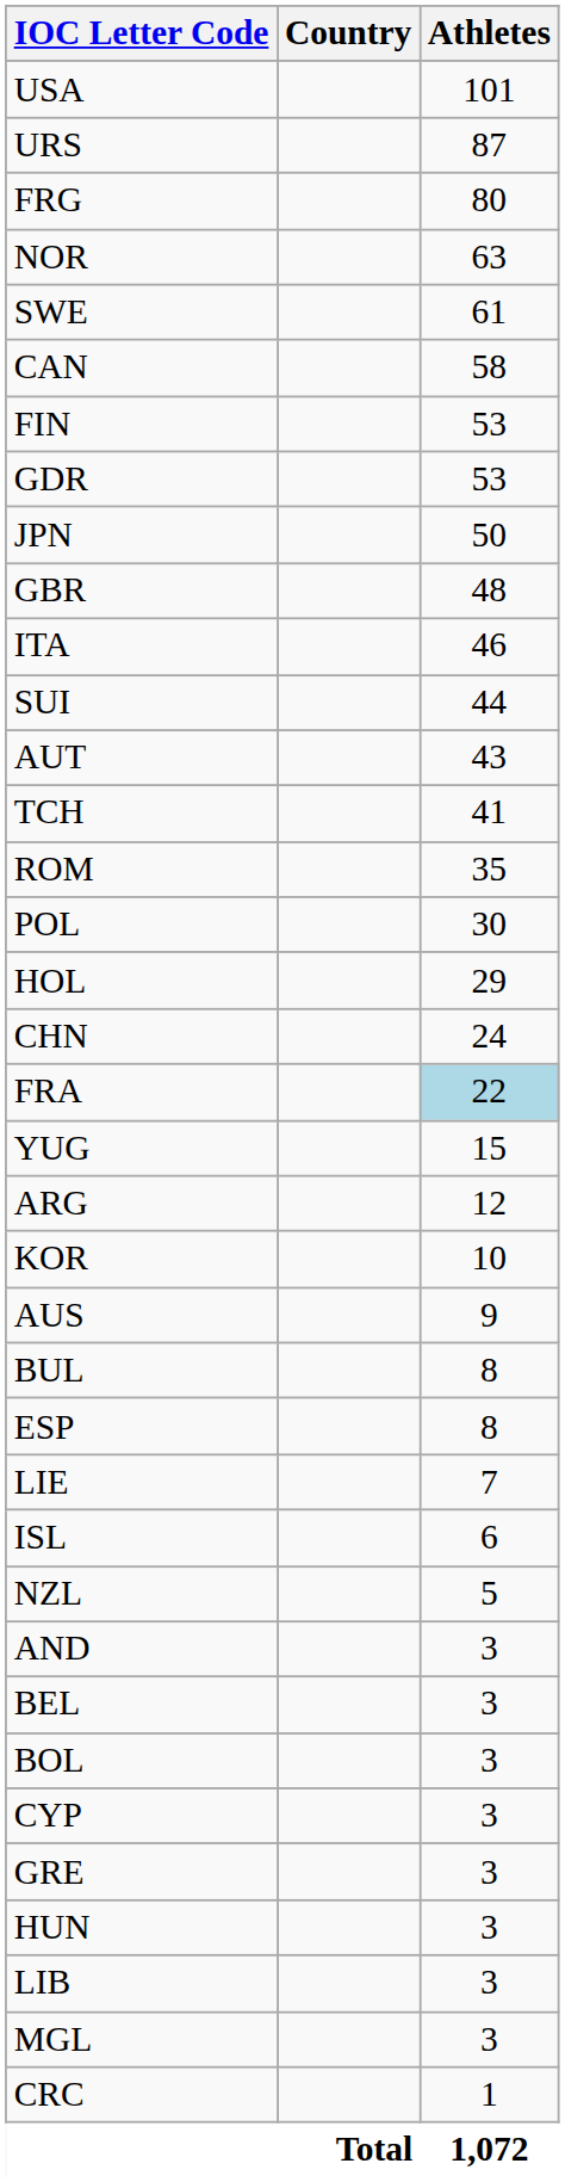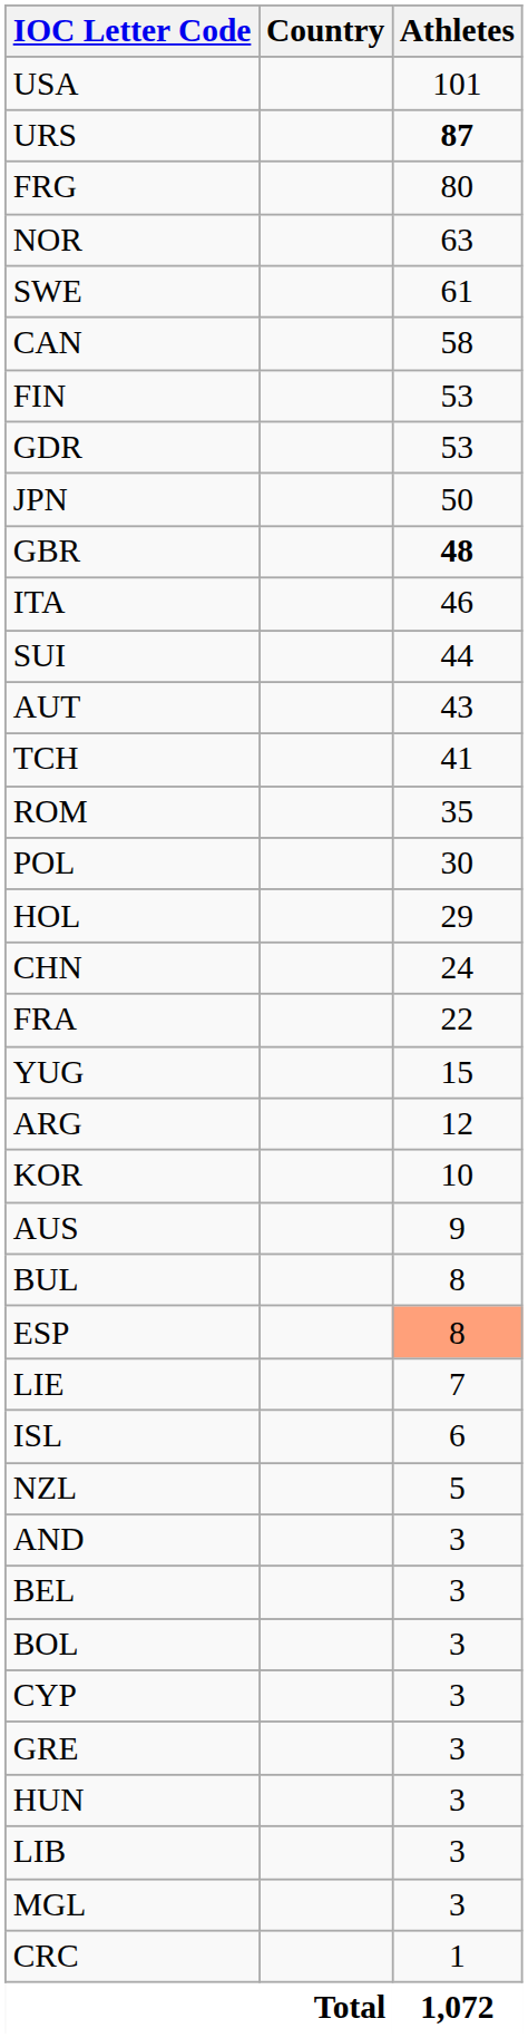 <table class="wikitable collapsible collapsed sortable" style="border:0;">
 <tr>
 <th><a href='#'>IOC Letter Code</a></th>
 <th>Country</th>
 <th>Athletes</th>
 </tr>
 <tr>
 <td>USA</td>
 <td></td>
 <td align=center>101</td>
 </tr>
 <tr>
 <td>URS</td>
 <td></td>
-<td align=center>87</td>
+<td align=center><strong>87</strong></td>
 </tr>
 <tr>
 <td>FRG</td>
 <td></td>
 <td align=center>80</td>
 </tr>
 <tr>
 <td>NOR</td>
 <td></td>
 <td align=center>63</td>
 </tr>
 <tr>
 <td>SWE</td>
 <td></td>
 <td align=center>61</td>
 </tr>
 <tr>
 <td>CAN</td>
 <td></td>
 <td align=center>58</td>
 </tr>
 <tr>
 <td>FIN</td>
 <td></td>
 <td align=center>53</td>
 </tr>
 <tr>
 <td>GDR</td>
 <td></td>
 <td align=center>53</td>
 </tr>
 <tr>
 <td>JPN</td>
 <td></td>
 <td align=center>50</td>
 </tr>
 <tr>
 <td>GBR</td>
 <td></td>
-<td align=center>48</td>
+<td align=center><strong>48</strong></td>
 </tr>
 <tr>
 <td>ITA</td>
 <td></td>
 <td align=center>46</td>
 </tr>
 <tr>
 <td>SUI</td>
 <td></td>
 <td align=center>44</td>
 </tr>
 <tr>
 <td>AUT</td>
 <td></td>
 <td align=center>43</td>
 </tr>
 <tr>
 <td>TCH</td>
 <td></td>
 <td align=center>41</td>
 </tr>
 <tr>
 <td>ROM</td>
 <td></td>
 <td align=center>35</td>
 </tr>
 <tr>
 <td>POL</td>
 <td></td>
 <td align=center>30</td>
 </tr>
 <tr>
 <td>HOL</td>
 <td></td>
 <td align=center>29</td>
 </tr>
 <tr>
 <td>CHN</td>
 <td></td>
 <td align=center>24</td>
 </tr>
 <tr>
 <td>FRA</td>
 <td></td>
-<td align=center style="background: lightblue;">22</td>
+<td align=center>22</td>
 </tr>
 <tr>
 <td>YUG</td>
 <td></td>
 <td align=center>15</td>
 </tr>
 <tr>
 <td>ARG</td>
 <td></td>
 <td align=center>12</td>
 </tr>
 <tr>
 <td>KOR</td>
 <td></td>
 <td align=center>10</td>
 </tr>
 <tr>
 <td>AUS</td>
 <td></td>
 <td align=center>9</td>
 </tr>
 <tr>
 <td>BUL</td>
 <td></td>
 <td align=center>8</td>
 </tr>
 <tr>
 <td>ESP</td>
 <td></td>
-<td align=center>8</td>
+<td align=center style="background: lightsalmon;">8</td>
 </tr>
 <tr>
 <td>LIE</td>
 <td></td>
 <td align=center>7</td>
 </tr>
 <tr>
 <td>ISL</td>
 <td></td>
 <td align=center>6</td>
 </tr>
 <tr>
 <td>NZL</td>
 <td></td>
 <td align=center>5</td>
 </tr>
 <tr>
 <td>AND</td>
 <td></td>
 <td align=center>3</td>
 </tr>
 <tr>
 <td>BEL</td>
 <td></td>
 <td align=center>3</td>
 </tr>
 <tr>
 <td>BOL</td>
 <td></td>
 <td align=center>3</td>
 </tr>
 <tr>
 <td>CYP</td>
 <td></td>
 <td align=center>3</td>
 </tr>
 <tr>
 <td>GRE</td>
 <td></td>
 <td align=center>3</td>
 </tr>
 <tr>
 <td>HUN</td>
 <td></td>
 <td align=center>3</td>
 </tr>
 <tr>
 <td>LIB</td>
 <td></td>
 <td align=center>3</td>
 </tr>
 <tr>
 <td>MGL</td>
 <td></td>
 <td align=center>3</td>
 </tr>
 <tr>
 <td>CRC</td>
 <td></td>
 <td align=center>1</td>
 </tr>
 <tr class="sortbottom">
 <td colspan=2; style="text-align:right; border:0px; background:#fff;"><strong>Total</strong></td>
 <td style="text-align:center; border:0px; background:#fff;"><strong>1,072</strong></td>
 </tr>
 <tr>
 </tr>
 </table>
